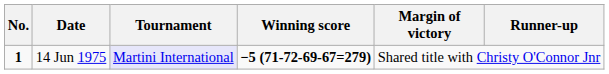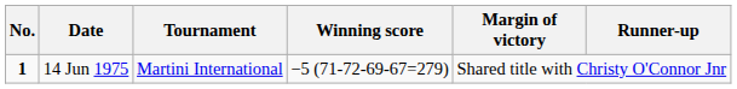 <table class="wikitable" style="font-size:95%;">
 <tr>
 <th>No.</th>
 <th>Date</th>
 <th>Tournament</th>
 <th>Winning score</th>
 <th>Margin of<br>victory</th>
 <th>Runner-up</th>
 </tr>
 <tr>
 <td align=center><strong>1</strong></td>
 <td>14 Jun <a href='#'>1975</a></td>
-<td style="background: lavender;"><a href='#'>Martini International</a></td>
-<td><strong>−5 (71-72-69-67=279)</strong></td>
+<td><a href='#'>Martini International</a></td>
+<td>−5 (71-72-69-67=279)</td>
 <td colspan=2>Shared title with  <a href='#'>Christy O'Connor Jnr</a></td>
 </tr>
 </table>
